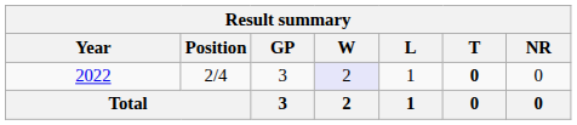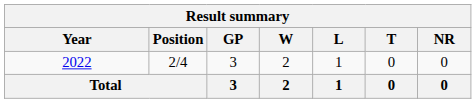 <table class="wikitable" style="text-align: center;">
 <tr>
 <th colspan=9>Result summary</th>
 </tr>
 <tr>
 <th width=150>Year</th>
 <th width=50>Position</th>
 <th width=50>GP</th>
 <th width=50>W</th>
 <th width=50>L</th>
 <th width=50>T</th>
 <th width=50>NR</th>
 </tr>
 <tr>
 <td> <a href='#'>2022</a></td>
 <td>2/4</td>
 <td>3</td>
-<td style="background: lavender;">2</td>
+<td>2</td>
 <td>1</td>
-<td><strong>0</strong></td>
+<td>0</td>
 <td>0</td>
 </tr>
 <tr>
 <th colspan="2">Total</th>
 <th>3</th>
 <th>2</th>
 <th>1</th>
 <th>0</th>
 <th>0</th>
 </tr>
 </table>
